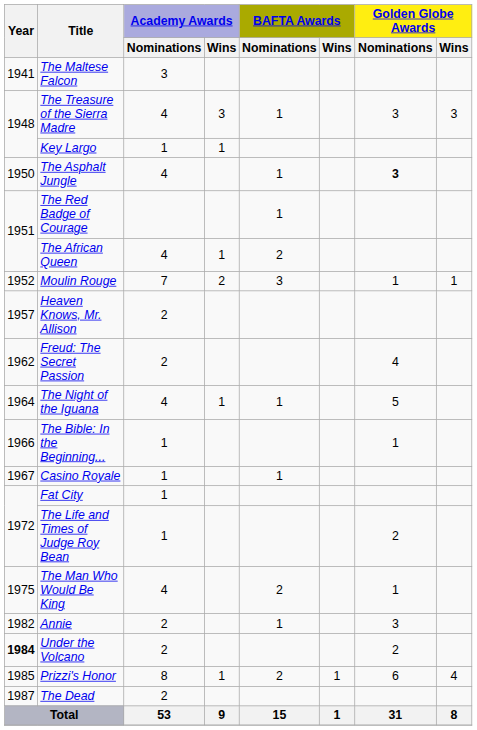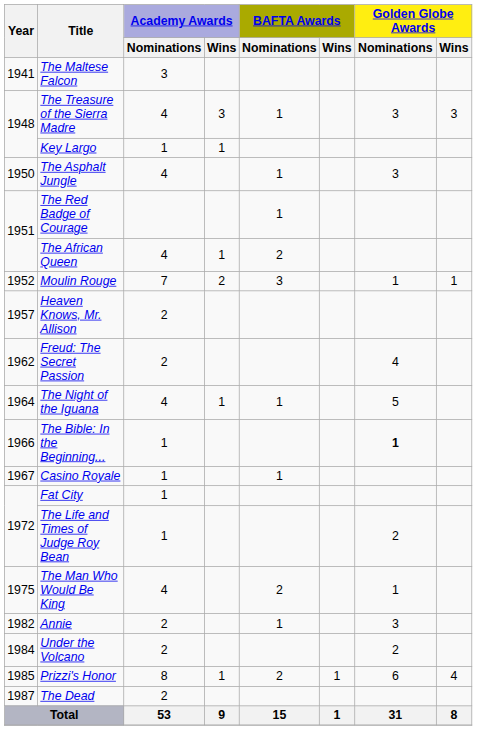 <table class="wikitable">
 <tr>
 <th rowspan="2">Year</th>
 <th rowspan="2">Title</th>
 <th colspan="2" style="background-color:#aaaade;"><strong><a href='#'>Academy Awards</a></strong></th>
 <th colspan="2" style="background-color:#aa0;"><strong><a href='#'>BAFTA Awards</a></strong></th>
 <th colspan="2" style="background-color:#fe1;"><strong><a href='#'>Golden Globe Awards</a></strong></th>
 </tr>
 <tr>
 <th>Nominations</th>
 <th>Wins</th>
 <th>Nominations</th>
 <th>Wins</th>
 <th>Nominations</th>
 <th>Wins</th>
 </tr>
 <tr>
 <td>1941</td>
 <td><a href='#'><em>The Maltese Falcon</em></a></td>
 <td align=center>3</td>
 <td></td>
 <td></td>
 <td></td>
 <td></td>
 <td></td>
 </tr>
 <tr>
 <td rowspan="2">1948</td>
 <td><a href='#'><em>The Treasure of the Sierra Madre</em></a></td>
 <td align=center>4</td>
 <td align=center>3</td>
 <td align=center>1</td>
 <td></td>
 <td align=center>3</td>
 <td align=center>3</td>
 </tr>
 <tr>
 <td><a href='#'><em>Key Largo</em></a></td>
 <td align=center>1</td>
 <td align=center>1</td>
 <td></td>
 <td></td>
 <td></td>
 <td></td>
 </tr>
 <tr>
 <td>1950</td>
 <td><em><a href='#'>The Asphalt Jungle</a></em></td>
 <td align=center>4</td>
 <td></td>
 <td align=center>1</td>
 <td></td>
-<td align=center><strong>3</strong></td>
+<td align=center>3</td>
 <td></td>
 </tr>
 <tr>
 <td rowspan="2">1951</td>
 <td><a href='#'><em>The Red Badge of Courage</em></a></td>
 <td></td>
 <td></td>
 <td align=center>1</td>
 <td></td>
 <td></td>
 <td></td>
 </tr>
 <tr>
 <td><a href='#'><em>The African Queen</em></a></td>
 <td align=center>4</td>
 <td align=center>1</td>
 <td align=center>2</td>
 <td></td>
 <td></td>
 <td></td>
 </tr>
 <tr>
 <td>1952</td>
 <td><a href='#'><em>Moulin Rouge</em></a></td>
 <td align=center>7</td>
 <td align=center>2</td>
 <td align=center>3</td>
 <td></td>
 <td align=center>1</td>
 <td align=center>1</td>
 </tr>
 <tr>
 <td>1957</td>
 <td><em><a href='#'>Heaven Knows, Mr. Allison</a></em></td>
 <td align=center>2</td>
 <td></td>
 <td></td>
 <td></td>
 <td></td>
 <td></td>
 </tr>
 <tr>
 <td>1962</td>
 <td><em><a href='#'>Freud: The Secret Passion</a></em></td>
 <td align=center>2</td>
 <td></td>
 <td></td>
 <td></td>
 <td align=center>4</td>
 <td></td>
 </tr>
 <tr>
 <td>1964</td>
 <td><a href='#'><em>The Night of the Iguana</em></a></td>
 <td align=center>4</td>
 <td align=center>1</td>
 <td align=center>1</td>
 <td></td>
 <td align=center>5</td>
 <td></td>
 </tr>
 <tr>
 <td>1966</td>
 <td><em><a href='#'>The Bible: In the Beginning...</a></em></td>
 <td align=center>1</td>
 <td></td>
 <td></td>
 <td></td>
-<td align=center>1</td>
+<td align=center><strong>1</strong></td>
 <td></td>
 </tr>
 <tr>
 <td>1967</td>
 <td><a href='#'><em>Casino Royale</em></a></td>
 <td align=center>1</td>
 <td></td>
 <td align=center>1</td>
 <td></td>
 <td></td>
 <td></td>
 </tr>
 <tr>
 <td rowspan="2">1972</td>
 <td><a href='#'><em>Fat City</em></a></td>
 <td align=center>1</td>
 <td></td>
 <td></td>
 <td></td>
 <td></td>
 <td></td>
 </tr>
 <tr>
 <td><em><a href='#'>The Life and Times of Judge Roy Bean</a></em></td>
 <td align=center>1</td>
 <td></td>
 <td></td>
 <td></td>
 <td align=center>2</td>
 <td></td>
 </tr>
 <tr>
 <td>1975</td>
 <td><a href='#'><em>The Man Who Would Be King</em></a></td>
 <td align=center>4</td>
 <td></td>
 <td align=center>2</td>
 <td></td>
 <td align=center>1</td>
 <td></td>
 </tr>
 <tr>
 <td>1982</td>
 <td><a href='#'><em>Annie</em></a></td>
 <td align=center>2</td>
 <td></td>
 <td align=center>1</td>
 <td></td>
 <td align=center>3</td>
 <td></td>
 </tr>
 <tr>
-<td><strong>1984</strong></td>
+<td>1984</td>
 <td><a href='#'><em>Under the Volcano</em></a></td>
 <td align=center>2</td>
 <td></td>
 <td></td>
 <td></td>
 <td align=center>2</td>
 <td></td>
 </tr>
 <tr>
 <td>1985</td>
 <td><em><a href='#'>Prizzi's Honor</a></em></td>
 <td align=center>8</td>
 <td align=center>1</td>
 <td align=center>2</td>
 <td align=center>1</td>
 <td align=center>6</td>
 <td align=center>4</td>
 </tr>
 <tr>
 <td>1987</td>
 <td><a href='#'><em>The Dead</em></a></td>
 <td align=center>2</td>
 <td></td>
 <td></td>
 <td></td>
 <td></td>
 <td></td>
 </tr>
 <tr>
 <th colspan="2" style="background-color:#b3b5c3; text-align:center;"><strong>Total</strong></th>
 <th>53</th>
 <th>9</th>
 <th>15</th>
 <th>1</th>
 <th>31</th>
 <th>8</th>
 </tr>
 <tr>
 </tr>
 </table>
